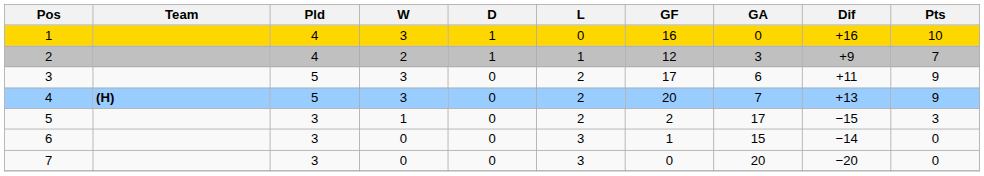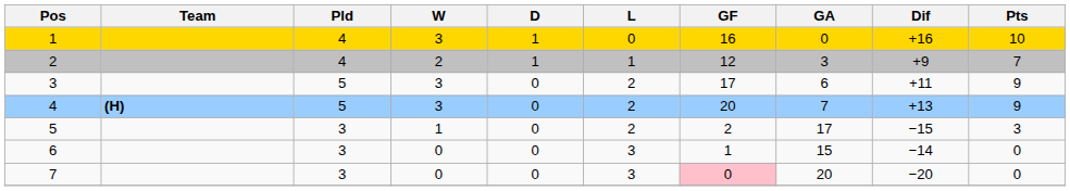 <table class="wikitable sortable" width=60% style="text-align:center">
 <tr>
 <th width=5%>Pos</th>
 <th width=10%>Team</th>
 <th width=5%>Pld</th>
 <th width=5%>W</th>
 <th width=5%>D</th>
 <th width=5%>L</th>
 <th width=5%>GF</th>
 <th width=5%>GA</th>
 <th width=5%>Dif</th>
 <th width=5%>Pts</th>
 </tr>
 <tr bgcolor=gold>
 <td>1</td>
 <td style="text-align:left;"></td>
 <td>4</td>
 <td>3</td>
 <td>1</td>
 <td>0</td>
 <td>16</td>
 <td>0</td>
 <td>+16</td>
 <td>10</td>
 </tr>
 <tr bgcolor="silver">
 <td>2</td>
 <td style="text-align:left;"></td>
 <td>4</td>
 <td>2</td>
 <td>1</td>
 <td>1</td>
 <td>12</td>
 <td>3</td>
 <td>+9</td>
 <td>7</td>
 </tr>
 <tr -bgcolor="#cc9966">
 <td>3</td>
 <td style="text-align:left;"></td>
 <td>5</td>
 <td>3</td>
 <td>0</td>
 <td>2</td>
 <td>17</td>
 <td>6</td>
 <td>+11</td>
 <td>9</td>
 </tr>
 <tr bgcolor=#9acdff>
 <td>4</td>
 <td style="text-align:left;"> <strong>(H)</strong></td>
 <td>5</td>
 <td>3</td>
 <td>0</td>
 <td>2</td>
 <td>20</td>
 <td>7</td>
 <td>+13</td>
 <td>9</td>
 </tr>
 <tr>
 <td>5</td>
 <td style="text-align:left;"></td>
 <td>3</td>
 <td>1</td>
 <td>0</td>
 <td>2</td>
 <td>2</td>
 <td>17</td>
 <td>−15</td>
 <td>3</td>
 </tr>
 <tr>
 <td>6</td>
 <td style="text-align:left;"></td>
 <td>3</td>
 <td>0</td>
 <td>0</td>
 <td>3</td>
 <td>1</td>
 <td>15</td>
 <td>−14</td>
 <td>0</td>
 </tr>
 <tr>
 <td>7</td>
 <td style="text-align:left;"></td>
 <td>3</td>
 <td>0</td>
 <td>0</td>
 <td>3</td>
-<td>0</td>
+<td style="background: pink;">0</td>
 <td>20</td>
 <td>−20</td>
 <td>0</td>
 </tr>
 <tr>
 </tr>
 </table>
